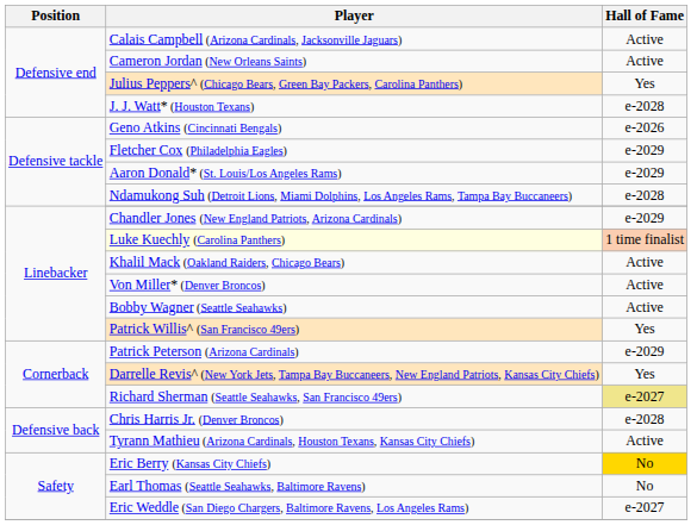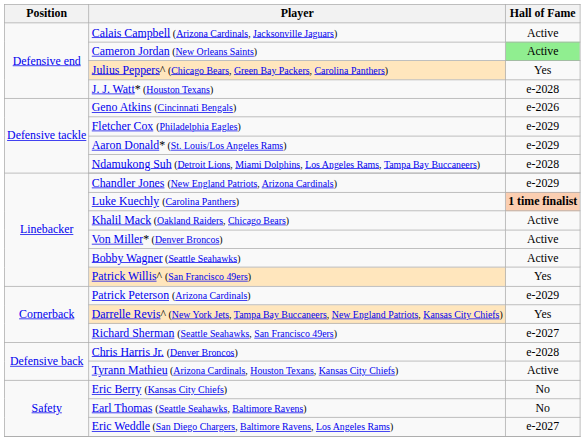 <table class="wikitable">
 <tr>
 <th>Position</th>
 <th>Player</th>
 <th>Hall of Fame</th>
 </tr>
 <tr>
 <td style="text-align:center;" rowspan="4"><a href='#'>Defensive end</a></td>
 <td><a href='#'>Calais Campbell</a><small> (<a href='#'>Arizona Cardinals</a>, <a href='#'>Jacksonville Jaguars</a>)</small></td>
 <td align=center>Active</td>
 </tr>
 <tr>
 <td><a href='#'>Cameron Jordan</a><small> (<a href='#'>New Orleans Saints</a>)</small></td>
-<td align=center>Active</td>
+<td align=center style="background: lightgreen;">Active</td>
 </tr>
 <tr>
 <td style="background-color:#FFE6BD"><a href='#'>Julius Peppers</a>^<small> (<a href='#'>Chicago Bears</a>, <a href='#'>Green Bay Packers</a>, <a href='#'>Carolina Panthers</a>)</small></td>
 <td align=center>Yes</td>
 </tr>
 <tr>
 <td><a href='#'>J. J. Watt</a>*<small> (<a href='#'>Houston Texans</a>)</small></td>
 <td align=center>e-2028</td>
 </tr>
 <tr>
 <td style="text-align:center;" rowspan="4"><a href='#'>Defensive tackle</a></td>
 <td><a href='#'>Geno Atkins</a> <small>(<a href='#'>Cincinnati Bengals</a>)</small></td>
 <td align=center>e-2026</td>
 </tr>
 <tr>
 <td><a href='#'>Fletcher Cox</a> <small> (<a href='#'>Philadelphia Eagles</a>)</small></td>
 <td align=center>e-2029</td>
 </tr>
 <tr>
 <td><a href='#'>Aaron Donald</a>*<small> (<a href='#'>St. Louis/Los Angeles Rams</a>)</small></td>
 <td align=center>e-2029</td>
 </tr>
 <tr>
 <td><a href='#'>Ndamukong Suh</a><small> (<a href='#'>Detroit Lions</a>, <a href='#'>Miami Dolphins</a>, <a href='#'>Los Angeles Rams</a>, <a href='#'>Tampa Bay Buccaneers</a>)</small></td>
 <td align=center>e-2028</td>
 </tr>
 <tr>
 <td style="text-align:center;" rowspan="7"><a href='#'>Linebacker</a></td>
 </tr>
 <tr>
 <td><a href='#'>Chandler Jones</a> <small>(<a href='#'>New England Patriots</a>, <a href='#'>Arizona Cardinals</a>)</small></td>
 <td align=center>e-2029</td>
 </tr>
 <tr>
-<td style="background: lightyellow;"><a href='#'>Luke Kuechly</a> <small> (<a href='#'>Carolina Panthers</a>)</small></td>
-<td align=center style="background-color:#FBCEB1">1 time finalist</td>
+<td><a href='#'>Luke Kuechly</a> <small> (<a href='#'>Carolina Panthers</a>)</small></td>
+<td align=center style="background-color:#FBCEB1"><strong>1 time finalist</strong></td>
 </tr>
 <tr>
 <td><a href='#'>Khalil Mack</a><small> (<a href='#'>Oakland Raiders</a>, <a href='#'>Chicago Bears</a>)</small></td>
 <td align=center>Active</td>
 </tr>
 <tr>
 <td><a href='#'>Von Miller</a>*<small> (<a href='#'>Denver Broncos</a>)</small></td>
 <td align=center>Active</td>
 </tr>
 <tr>
 <td><a href='#'>Bobby Wagner</a><small> (<a href='#'>Seattle Seahawks</a>)</small></td>
 <td align=center>Active</td>
 </tr>
 <tr>
 <td style="background-color:#FFE6BD"><a href='#'>Patrick Willis</a>^ <small>(<a href='#'>San Francisco 49ers</a>)</small></td>
 <td align=center>Yes</td>
 </tr>
 <tr>
 <td style="text-align:center;" rowspan="3"><a href='#'>Cornerback</a></td>
 <td><a href='#'>Patrick Peterson</a> <small>(<a href='#'>Arizona Cardinals</a>)</small></td>
 <td align=center>e-2029</td>
 </tr>
 <tr>
 <td style="background-color:#FFE6BD"><a href='#'>Darrelle Revis</a>^<small> (<a href='#'>New York Jets</a>, <a href='#'>Tampa Bay Buccaneers</a>, <a href='#'>New England Patriots</a>, <a href='#'>Kansas City Chiefs</a>)</small></td>
 <td align=center>Yes</td>
 </tr>
 <tr>
 <td><a href='#'>Richard Sherman</a> <small>(<a href='#'>Seattle Seahawks</a>, <a href='#'>San Francisco 49ers</a>)</small></td>
-<td align=center style="background: khaki;">e-2027</td>
+<td align=center>e-2027</td>
 </tr>
 <tr>
 <td style="text-align:center;" rowspan="2"><a href='#'>Defensive back</a></td>
 <td><a href='#'>Chris Harris Jr.</a> <small>(<a href='#'>Denver Broncos</a>)</small></td>
 <td align=center>e-2028</td>
 </tr>
 <tr>
 <td><a href='#'>Tyrann Mathieu</a><small> (<a href='#'>Arizona Cardinals</a>,  <a href='#'>Houston Texans</a>, <a href='#'>Kansas City Chiefs</a>)</small></td>
 <td align=center>Active</td>
 </tr>
 <tr>
 <td rowspan="3" style="text-align:center;"><a href='#'>Safety</a></td>
 <td><a href='#'>Eric Berry</a> <small>(<a href='#'>Kansas City Chiefs</a>)</small></td>
-<td align=center style="background: gold;">No</td>
+<td align=center>No</td>
 </tr>
 <tr>
 <td><a href='#'>Earl Thomas</a> <small>(<a href='#'>Seattle Seahawks</a>, <a href='#'>Baltimore Ravens</a>)</small></td>
 <td align=center>No</td>
 </tr>
 <tr>
 <td><a href='#'>Eric Weddle</a><small> (<a href='#'>San Diego Chargers</a>, <a href='#'>Baltimore Ravens</a>, <a href='#'>Los Angeles Rams</a>)</small></td>
 <td align=center>e-2027</td>
 </tr>
 <tr>
 </tr>
 </table>
